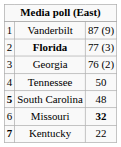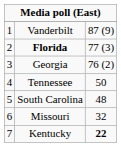 <table class="wikitable">
 <tr align="center">
 <td align="center" Colspan="3"><strong>Media poll (East)</strong></td>
 </tr>
 <tr align="center">
 </tr>
 <tr align="center">
 <td>1</td>
 <td>Vanderbilt</td>
 <td>87 (9)</td>
 </tr>
 <tr align="center">
 <td>2</td>
 <td><strong>Florida</strong></td>
 <td>77 (3)</td>
 </tr>
 <tr align="center">
 <td>3</td>
 <td>Georgia</td>
 <td>76 (2)</td>
 </tr>
 <tr align="center">
 <td>4</td>
 <td>Tennessee</td>
 <td>50</td>
 </tr>
 <tr align="center">
-<td><strong>5</strong></td>
+<td>5</td>
 <td>South Carolina</td>
 <td>48</td>
 </tr>
 <tr align="center">
 <td>6</td>
 <td>Missouri</td>
-<td><strong>32</strong></td>
+<td>32</td>
 </tr>
 <tr align="center">
-<td><strong>7</strong></td>
+<td>7</td>
 <td>Kentucky</td>
-<td>22</td>
+<td><strong>22</strong></td>
 </tr>
 </table>
